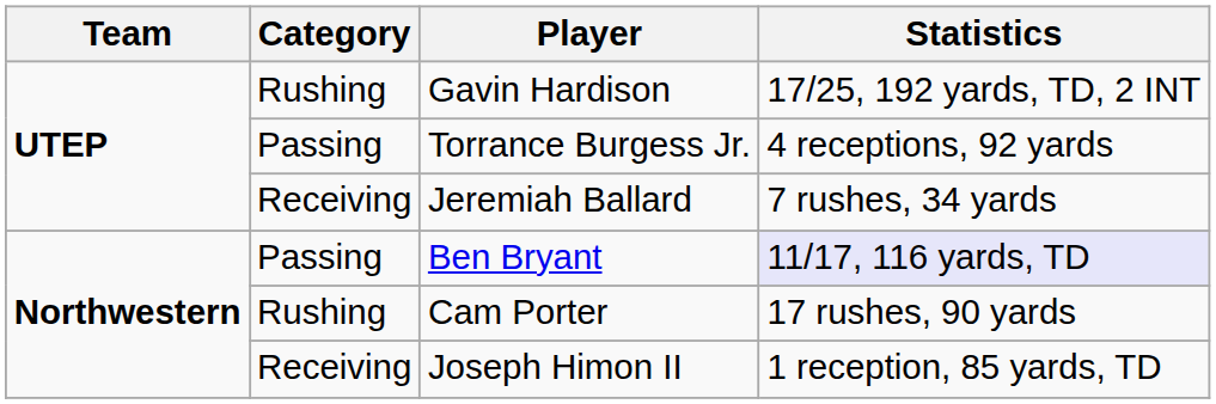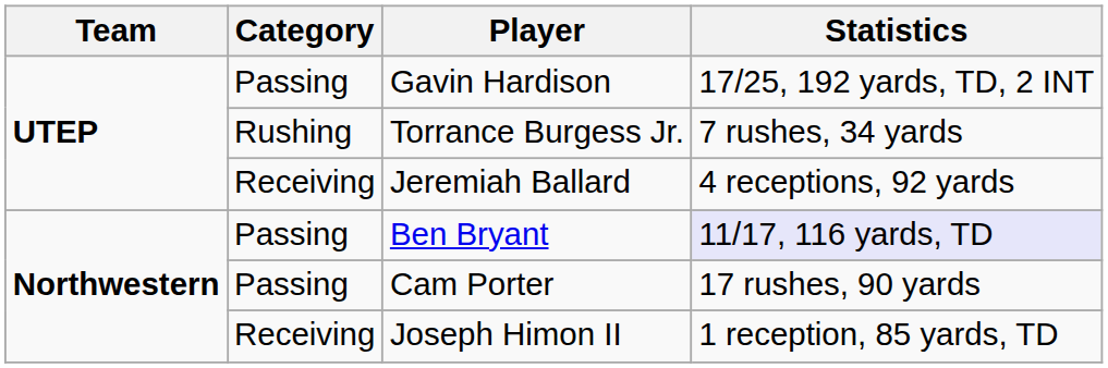 <table class="wikitable" style="float: left;">
 <tr>
 <th>Team</th>
 <th>Category</th>
 <th>Player</th>
 <th>Statistics</th>
 </tr>
 <tr>
 <td rowspan=3><strong>UTEP</strong></td>
-<td>Rushing</td>
+<td>Passing</td>
 <td>Gavin Hardison</td>
 <td>17/25, 192 yards, TD, 2 INT</td>
 </tr>
 <tr>
-<td>Passing</td>
+<td>Rushing</td>
 <td>Torrance Burgess Jr.</td>
-<td>4 receptions, 92 yards</td>
+<td>7 rushes, 34 yards</td>
 </tr>
 <tr>
 <td>Receiving</td>
 <td>Jeremiah Ballard</td>
-<td>7 rushes, 34 yards</td>
+<td>4 receptions, 92 yards</td>
 </tr>
 <tr>
 <td rowspan=3><strong>Northwestern</strong></td>
 <td>Passing</td>
 <td><a href='#'>Ben Bryant</a></td>
 <td style="background: lavender;">11/17, 116 yards, TD</td>
 </tr>
 <tr>
-<td>Rushing</td>
+<td>Passing</td>
 <td>Cam Porter</td>
 <td>17 rushes, 90 yards</td>
 </tr>
 <tr>
 <td>Receiving</td>
 <td>Joseph Himon II</td>
 <td>1 reception, 85 yards, TD</td>
 </tr>
 </table>
